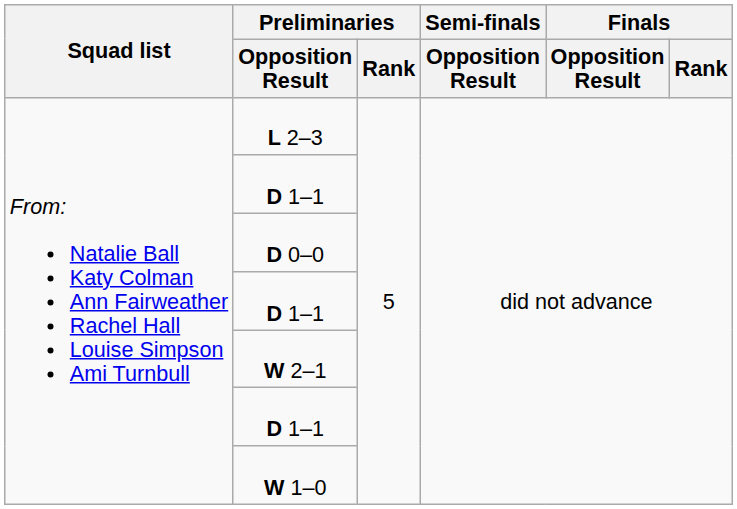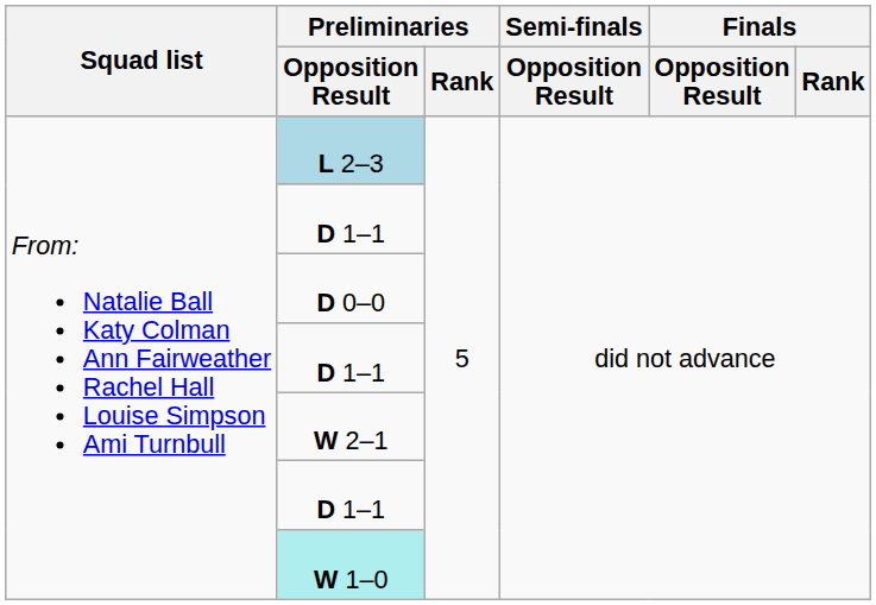 <table class=wikitable style="font-size:90%">
 <tr>
 <th rowspan="2">Squad list</th>
 <th colspan="2">Preliminaries</th>
 <th>Semi-finals</th>
 <th colspan="2">Finals</th>
 </tr>
 <tr>
 <th>Opposition<br>Result</th>
 <th>Rank</th>
 <th>Opposition<br>Result</th>
 <th>Opposition<br>Result</th>
 <th>Rank</th>
 </tr>
 <tr>
 <td rowspan="7"><em>From:</em><br><ul><li><a href='#'>Natalie Ball</a></li><li><a href='#'>Katy Colman</a></li><li><a href='#'>Ann Fairweather</a></li><li><a href='#'>Rachel Hall</a></li><li><a href='#'>Louise Simpson</a></li><li><a href='#'>Ami Turnbull</a></li></ul></td>
-<td align="center"><br><strong>L</strong> 2–3</td>
+<td align="center" style="background: lightblue;"><br><strong>L</strong> 2–3</td>
 <td align="center" rowspan="7">5</td>
 <td align="center" rowspan="7" colspan=3>did not advance</td>
 </tr>
 <tr>
 <td align="center"><br><strong>D</strong> 1–1</td>
 </tr>
 <tr>
 <td align="center"><br><strong>D</strong> 0–0</td>
 </tr>
 <tr>
 <td align="center"><br><strong>D</strong> 1–1</td>
 </tr>
 <tr>
 <td align="center"><br><strong>W</strong> 2–1</td>
 </tr>
 <tr>
 <td align="center"><br><strong>D</strong> 1–1</td>
 </tr>
 <tr>
-<td align="center"><br><strong>W</strong> 1–0</td>
+<td align="center" style="background: paleturquoise;"><br><strong>W</strong> 1–0</td>
 </tr>
 </table>
